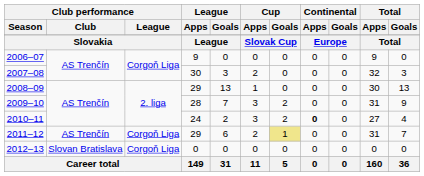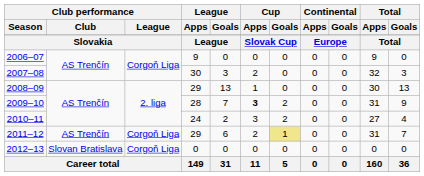 <table class="wikitable" style="text-align:center">
 <tr>
 <th colspan=3>Club performance</th>
 <th colspan=2>League</th>
 <th colspan=2>Cup</th>
 <th colspan=2>Continental</th>
 <th colspan=2>Total</th>
 </tr>
 <tr>
 <th>Season</th>
 <th>Club</th>
 <th>League</th>
 <th>Apps</th>
 <th>Goals</th>
 <th>Apps</th>
 <th>Goals</th>
 <th>Apps</th>
 <th>Goals</th>
 <th>Apps</th>
 <th>Goals</th>
 </tr>
 <tr>
 </tr>
 <tr>
 <th colspan=3>Slovakia</th>
 <th colspan=2>League</th>
 <th colspan=2><a href='#'>Slovak Cup</a></th>
 <th colspan=2><a href='#'>Europe</a></th>
 <th colspan=2>Total</th>
 </tr>
 <tr>
 <td><a href='#'>2006–07</a></td>
 <td rowspan="2"><a href='#'>AS Trenčín</a></td>
 <td rowspan="2"><a href='#'>Corgoň Liga</a></td>
 <td>9</td>
 <td>0</td>
 <td>0</td>
 <td>0</td>
 <td>0</td>
 <td>0</td>
 <td>9</td>
 <td>0</td>
 </tr>
 <tr>
 <td><a href='#'>2007–08</a></td>
 <td>30</td>
 <td>3</td>
 <td>2</td>
 <td>0</td>
 <td>0</td>
 <td>0</td>
 <td>32</td>
 <td>3</td>
 </tr>
 <tr>
 <td><a href='#'>2008–09</a></td>
 <td rowspan="3"><a href='#'>AS Trenčín</a></td>
 <td rowspan="3"><a href='#'>2. liga</a></td>
 <td>29</td>
 <td>13</td>
 <td>1</td>
 <td>0</td>
 <td>0</td>
 <td>0</td>
 <td>30</td>
 <td>13</td>
 </tr>
 <tr>
 <td><a href='#'>2009–10</a></td>
 <td>28</td>
 <td>7</td>
-<td>3</td>
+<td><strong>3</strong></td>
 <td>2</td>
 <td>0</td>
 <td>0</td>
 <td>31</td>
 <td>9</td>
 </tr>
 <tr>
 <td><a href='#'>2010–11</a></td>
 <td>24</td>
 <td>2</td>
 <td>3</td>
 <td>2</td>
-<td><strong>0</strong></td>
+<td>0</td>
 <td>0</td>
 <td>27</td>
 <td>4</td>
 </tr>
 <tr>
 <td><a href='#'>2011–12</a></td>
 <td rowspan="1"><a href='#'>AS Trenčín</a></td>
 <td rowspan="1"><a href='#'>Corgoň Liga</a></td>
 <td>29</td>
 <td>6</td>
 <td>2</td>
 <td style="background: khaki;">1</td>
 <td>0</td>
 <td>0</td>
 <td>31</td>
 <td>7</td>
 </tr>
 <tr>
 <td><a href='#'>2012–13</a></td>
 <td rowspan="1"><a href='#'>Slovan Bratislava</a></td>
 <td rowspan="1"><a href='#'>Corgoň Liga</a></td>
 <td>0</td>
 <td>0</td>
 <td>0</td>
 <td>0</td>
 <td>0</td>
 <td>0</td>
 <td>0</td>
 <td>0</td>
 </tr>
 <tr>
 <th colspan=3>Career total</th>
 <th>149</th>
 <th>31</th>
 <th>11</th>
 <th>5</th>
 <th>0</th>
 <th>0</th>
 <th>160</th>
 <th>36</th>
 </tr>
 </table>
